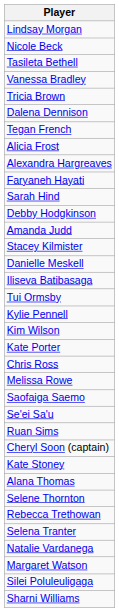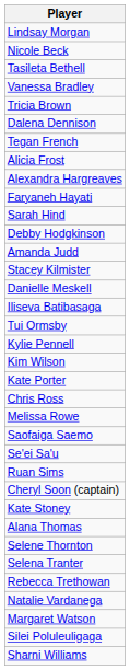 <table class=wikitable>
 <tr>
 <th>Player</th>
 </tr>
 <tr>
 <td><a href='#'>Lindsay Morgan</a></td>
 </tr>
 <tr>
 <td><a href='#'>Nicole Beck</a></td>
 </tr>
 <tr>
 <td><a href='#'>Tasileta Bethell</a></td>
 </tr>
 <tr>
 <td><a href='#'>Vanessa Bradley</a></td>
 </tr>
 <tr>
 <td><a href='#'>Tricia Brown</a></td>
 </tr>
 <tr>
 <td><a href='#'>Dalena Dennison</a></td>
 </tr>
 <tr>
 <td><a href='#'>Tegan French</a></td>
 </tr>
 <tr>
 <td><a href='#'>Alicia Frost</a></td>
 </tr>
 <tr>
 <td><a href='#'>Alexandra Hargreaves</a></td>
 </tr>
 <tr>
 <td><a href='#'>Faryaneh Hayati</a></td>
 </tr>
 <tr>
 <td><a href='#'>Sarah Hind</a></td>
 </tr>
 <tr>
 <td><a href='#'>Debby Hodgkinson</a></td>
 </tr>
 <tr>
 <td><a href='#'>Amanda Judd</a></td>
 </tr>
 <tr>
 <td><a href='#'>Stacey Kilmister</a></td>
 </tr>
 <tr>
 <td><a href='#'>Danielle Meskell</a></td>
 </tr>
 <tr>
 <td><a href='#'>Iliseva Batibasaga</a></td>
 </tr>
 <tr>
 <td><a href='#'>Tui Ormsby</a></td>
 </tr>
 <tr>
 <td><a href='#'>Kylie Pennell</a></td>
 </tr>
 <tr>
 <td><a href='#'>Kim Wilson</a></td>
 </tr>
 <tr>
 <td><a href='#'>Kate Porter</a></td>
 </tr>
 <tr>
 <td><a href='#'>Chris Ross</a></td>
 </tr>
 <tr>
 <td><a href='#'>Melissa Rowe</a></td>
 </tr>
 <tr>
 <td><a href='#'>Saofaiga Saemo</a></td>
 </tr>
 <tr>
 <td><a href='#'>Se'ei Sa'u</a></td>
 </tr>
 <tr>
 <td><a href='#'>Ruan Sims</a></td>
 </tr>
 <tr>
 <td><a href='#'>Cheryl Soon</a> (captain)</td>
 </tr>
 <tr>
 <td><a href='#'>Kate Stoney</a></td>
 </tr>
 <tr>
 <td><a href='#'>Alana Thomas</a></td>
 </tr>
 <tr>
 <td><a href='#'>Selene Thornton</a></td>
 </tr>
 <tr>
-<td><a href='#'>Rebecca Trethowan</a></td>
+<td><a href='#'>Selena Tranter</a></td>
 </tr>
 <tr>
-<td><a href='#'>Selena Tranter</a></td>
+<td><a href='#'>Rebecca Trethowan</a></td>
 </tr>
 <tr>
 <td><a href='#'>Natalie Vardanega</a></td>
 </tr>
 <tr>
 <td><a href='#'>Margaret Watson</a></td>
 </tr>
 <tr>
 <td><a href='#'>Silei Poluleuligaga</a></td>
 </tr>
 <tr>
 <td><a href='#'>Sharni Williams</a></td>
 </tr>
 </table>
